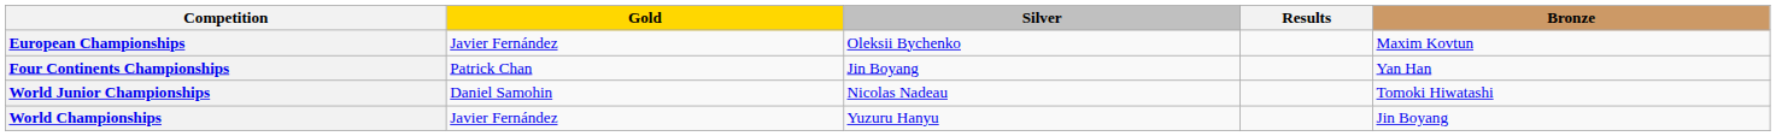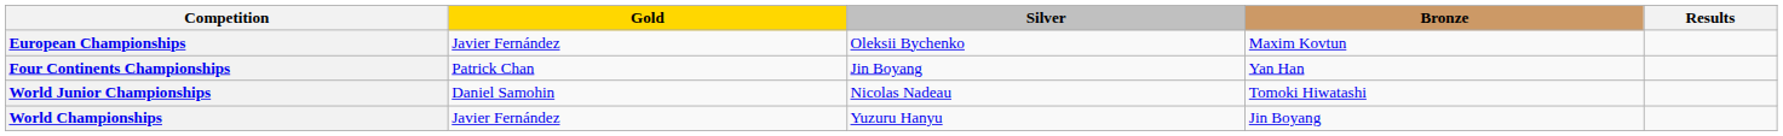 <table class="wikitable unsortable" style="text-align:left; width:90%">
 <tr>
 <th scope="col" style="text-align:center; width:25%;">Competition</th>
 <td scope="col" style="text-align:center; width:22.5%; background:gold"><strong>Gold</strong></td>
 <td scope="col" style="text-align:center; width:22.5%; background:silver"><strong>Silver</strong></td>
+<td scope="col" style="text-align:center; width:22.5%; background:#c96"><strong>Bronze</strong></td>
 <th scope="col" style="text-align:center; width:7.5%;">Results</th>
-<td scope="col" style="text-align:center; width:22.5%; background:#c96"><strong>Bronze</strong></td>
 </tr>
 <tr>
 <th scope="row" style="text-align:left"> <a href='#'>European Championships</a></th>
 <td> <a href='#'>Javier Fernández</a></td>
 <td> <a href='#'>Oleksii Bychenko</a></td>
+<td> <a href='#'>Maxim Kovtun</a></td>
 <td></td>
-<td> <a href='#'>Maxim Kovtun</a></td>
 </tr>
 <tr>
 <th scope="row" style="text-align:left"> <a href='#'>Four Continents Championships</a></th>
 <td> <a href='#'>Patrick Chan</a></td>
 <td> <a href='#'>Jin Boyang</a></td>
+<td> <a href='#'>Yan Han</a></td>
 <td></td>
-<td> <a href='#'>Yan Han</a></td>
 </tr>
 <tr>
 <th scope="row" style="text-align:left"> <a href='#'>World Junior Championships</a></th>
 <td> <a href='#'>Daniel Samohin</a></td>
 <td> <a href='#'>Nicolas Nadeau</a></td>
+<td> <a href='#'>Tomoki Hiwatashi</a></td>
 <td></td>
-<td> <a href='#'>Tomoki Hiwatashi</a></td>
 </tr>
 <tr>
 <th scope="row" style="text-align:left"> <a href='#'>World Championships</a></th>
 <td> <a href='#'>Javier Fernández</a></td>
 <td> <a href='#'>Yuzuru Hanyu</a></td>
+<td> <a href='#'>Jin Boyang</a></td>
 <td></td>
-<td> <a href='#'>Jin Boyang</a></td>
 </tr>
 </table>
